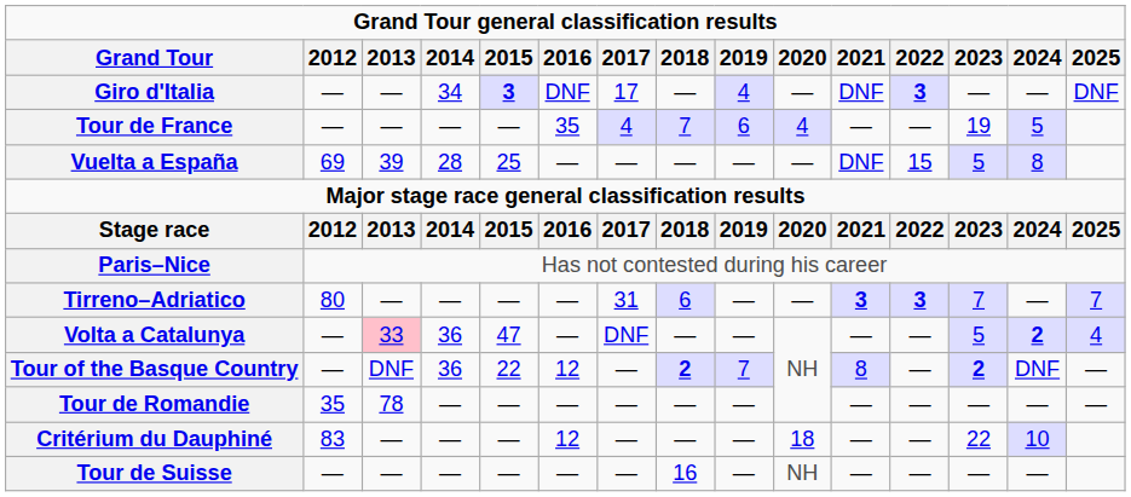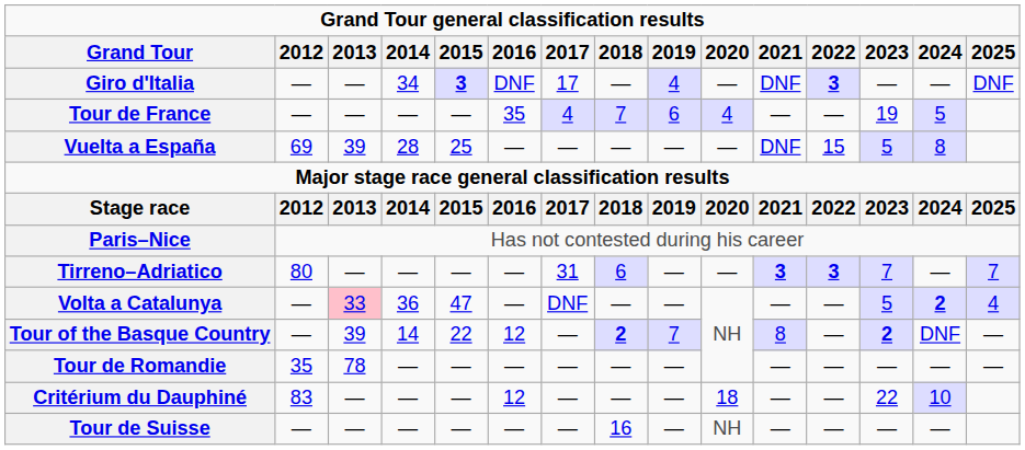 <table class="wikitable plainrowheaders">
 <tr>
 <td align=center colspan=15><strong>Grand Tour general classification results</strong></td>
 </tr>
 <tr>
 <th scope="col"><a href='#'>Grand Tour</a></th>
 <th scope="col">2012</th>
 <th scope="col">2013</th>
 <th scope="col">2014</th>
 <th scope="col">2015</th>
 <th scope="col">2016</th>
 <th scope="col">2017</th>
 <th scope="col">2018</th>
 <th scope="col">2019</th>
 <th scope="col">2020</th>
 <th scope="col">2021</th>
 <th scope="col">2022</th>
 <th scope="col">2023</th>
 <th scope="col">2024</th>
 <th scope="col">2025</th>
 </tr>
 <tr style="text-align:center;">
 <th scope="row"> <a href='#'>Giro d'Italia</a></th>
 <td>—</td>
 <td>—</td>
 <td><a href='#'>34</a></td>
 <td style="background:#ddf;"><a href='#'><strong>3</strong></a></td>
 <td><a href='#'>DNF</a></td>
 <td><a href='#'>17</a></td>
 <td>—</td>
 <td style="background:#ddf;"><a href='#'>4</a></td>
 <td>—</td>
 <td><a href='#'>DNF</a></td>
 <td style="background:#ddf;"><a href='#'><strong>3</strong></a></td>
 <td>—</td>
 <td>—</td>
 <td><a href='#'>DNF</a></td>
 </tr>
 <tr style="text-align:center;">
 <th scope="row"> <a href='#'>Tour de France</a></th>
 <td>—</td>
 <td>—</td>
 <td>—</td>
 <td>—</td>
 <td><a href='#'>35</a></td>
 <td style="background:#ddf;"><a href='#'>4</a></td>
 <td style="background:#ddf;"><a href='#'>7</a></td>
 <td style="background:#ddf;"><a href='#'>6</a></td>
 <td style="background:#ddf;"><a href='#'>4</a></td>
 <td>—</td>
 <td>—</td>
 <td><a href='#'>19</a></td>
 <td style="background:#ddf;"><a href='#'>5</a></td>
 <td></td>
 </tr>
 <tr style="text-align:center;">
 <th scope="row"> <a href='#'>Vuelta a España</a></th>
 <td><a href='#'>69</a></td>
 <td><a href='#'>39</a></td>
 <td><a href='#'>28</a></td>
 <td><a href='#'>25</a></td>
 <td>—</td>
 <td>—</td>
 <td>—</td>
 <td>—</td>
 <td>—</td>
 <td><a href='#'>DNF</a></td>
 <td><a href='#'>15</a></td>
 <td style="background:#ddf;"><a href='#'>5</a></td>
 <td style="background:#ddf;"><a href='#'>8</a></td>
 <td></td>
 </tr>
 <tr>
 <td align=center colspan=15><strong>Major stage race general classification results</strong></td>
 </tr>
 <tr>
 <th scope="col">Stage race</th>
 <th scope="col">2012</th>
 <th scope="col">2013</th>
 <th scope="col">2014</th>
 <th scope="col">2015</th>
 <th scope="col">2016</th>
 <th scope="col">2017</th>
 <th scope="col">2018</th>
 <th scope="col">2019</th>
 <th scope="col">2020</th>
 <th scope="col">2021</th>
 <th scope="col">2022</th>
 <th scope="col">2023</th>
 <th scope="col">2024</th>
 <th scope="col">2025</th>
 </tr>
 <tr style="text-align:center;">
 <th scope="row"> <a href='#'>Paris–Nice</a></th>
 <td style="color:#4d4d4d;" colspan=14>Has not contested during his career</td>
 </tr>
 <tr style="text-align:center;">
 <th scope="row"> <a href='#'>Tirreno–Adriatico</a></th>
 <td><a href='#'>80</a></td>
 <td>—</td>
 <td>—</td>
 <td>—</td>
 <td>—</td>
 <td><a href='#'>31</a></td>
 <td style="background:#ddf;"><a href='#'>6</a></td>
 <td>—</td>
 <td>—</td>
 <td style="background:#ddf;"><a href='#'><strong>3</strong></a></td>
 <td style="background:#ddf;"><a href='#'><strong>3</strong></a></td>
 <td style="background:#ddf;"><a href='#'>7</a></td>
 <td>—</td>
 <td style="background:#ddf;"><a href='#'>7</a></td>
 </tr>
 <tr style="text-align:center;">
 <th scope="row"> <a href='#'>Volta a Catalunya</a></th>
 <td>—</td>
 <td style="background: pink;"><a href='#'>33</a></td>
 <td><a href='#'>36</a></td>
 <td><a href='#'>47</a></td>
 <td>—</td>
 <td><a href='#'>DNF</a></td>
 <td>—</td>
 <td>—</td>
 <td style="color:#4d4d4d;" rowspan=3>NH</td>
 <td>—</td>
 <td>—</td>
 <td style="background:#ddf;"><a href='#'>5</a></td>
 <td style="background:#ddf;"><a href='#'><strong>2</strong></a></td>
 <td style="background:#ddf;"><a href='#'>4</a></td>
 </tr>
 <tr style="text-align:center;">
 <th scope="row"> <a href='#'>Tour of the Basque Country</a></th>
 <td>—</td>
-<td><a href='#'>DNF</a></td>
-<td><a href='#'>36</a></td>
+<td><a href='#'>39</a></td>
+<td><a href='#'>14</a></td>
 <td><a href='#'>22</a></td>
 <td><a href='#'>12</a></td>
 <td>—</td>
 <td style="background:#ddf;"><a href='#'><strong>2</strong></a></td>
 <td style="background:#ddf;"><a href='#'>7</a></td>
 <td style="background:#ddf;"><a href='#'>8</a></td>
 <td>—</td>
 <td style="background:#ddf;"><a href='#'><strong>2</strong></a></td>
 <td><a href='#'>DNF</a></td>
 <td>—</td>
 </tr>
 <tr style="text-align:center;">
 <th scope="row"> <a href='#'>Tour de Romandie</a></th>
 <td><a href='#'>35</a></td>
 <td><a href='#'>78</a></td>
 <td>—</td>
 <td>—</td>
 <td>—</td>
 <td>—</td>
 <td>—</td>
 <td>—</td>
 <td>—</td>
 <td>—</td>
 <td>—</td>
 <td>—</td>
 <td>—</td>
 </tr>
 <tr style="text-align:center;">
 <th scope="row"> <a href='#'>Critérium du Dauphiné</a></th>
 <td><a href='#'>83</a></td>
 <td>—</td>
 <td>—</td>
 <td>—</td>
 <td><a href='#'>12</a></td>
 <td>—</td>
 <td>—</td>
 <td>—</td>
 <td><a href='#'>18</a></td>
 <td>—</td>
 <td>—</td>
 <td><a href='#'>22</a></td>
 <td style="background:#ddf;"><a href='#'>10</a></td>
 <td></td>
 </tr>
 <tr align="center">
 <th scope="row"> <a href='#'>Tour de Suisse</a></th>
 <td>—</td>
 <td>—</td>
 <td>—</td>
 <td>—</td>
 <td>—</td>
 <td>—</td>
 <td><a href='#'>16</a></td>
 <td>—</td>
 <td style="color:#4d4d4d;">NH</td>
 <td>—</td>
 <td>—</td>
 <td>—</td>
 <td>—</td>
 <td></td>
 </tr>
 </table>
